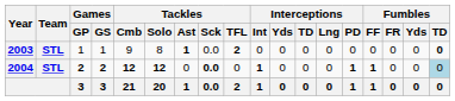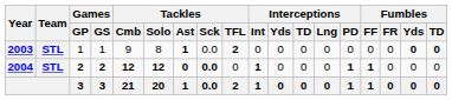 <table class="wikitable" style="text-align:center">
 <tr>
 <th rowspan="2">Year</th>
 <th rowspan="2">Team</th>
 <th colspan="2">Games</th>
 <th colspan="5">Tackles</th>
 <th colspan="5">Interceptions</th>
 <th colspan="4">Fumbles</th>
 </tr>
 <tr>
 <th>GP</th>
 <th>GS</th>
 <th>Cmb</th>
 <th>Solo</th>
 <th>Ast</th>
 <th>Sck</th>
 <th>TFL</th>
 <th>Int</th>
 <th>Yds</th>
 <th>TD</th>
 <th>Lng</th>
 <th>PD</th>
 <th>FF</th>
 <th>FR</th>
 <th>Yds</th>
 <th>TD</th>
 </tr>
 <tr>
 <th><a href='#'>2003</a></th>
 <th><a href='#'>STL</a></th>
 <td>1</td>
 <td>1</td>
 <td>9</td>
 <td>8</td>
 <td><strong>1</strong></td>
 <td>0.0</td>
 <td><strong>2</strong></td>
 <td>0</td>
 <td>0</td>
 <td>0</td>
 <td>0</td>
 <td>0</td>
 <td>0</td>
 <td>0</td>
-<td>0</td>
+<td><strong>0</strong></td>
 <td><strong>0</strong></td>
 </tr>
 <tr>
 <th><a href='#'>2004</a></th>
 <th><a href='#'>STL</a></th>
 <td><strong>2</strong></td>
 <td><strong>2</strong></td>
 <td><strong>12</strong></td>
 <td><strong>12</strong></td>
-<td>0</td>
+<td><strong>0</strong></td>
 <td><strong>0.0</strong></td>
 <td>0</td>
 <td><strong>1</strong></td>
 <td>0</td>
 <td>0</td>
 <td>0</td>
 <td><strong>1</strong></td>
 <td><strong>1</strong></td>
 <td>0</td>
 <td>0</td>
-<td style="background: lightblue;">0</td>
+<td>0</td>
 </tr>
 <tr>
 <th colspan="2"></th>
 <th>3</th>
 <th>3</th>
 <th>21</th>
 <th>20</th>
 <th>1</th>
 <th>0.0</th>
 <th>2</th>
 <th>1</th>
 <th>0</th>
 <th>0</th>
 <th>0</th>
 <th>1</th>
 <th>1</th>
 <th>0</th>
 <th>0</th>
 <th>0</th>
 </tr>
 </table>
